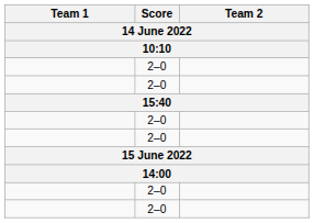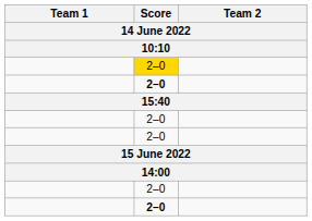 <table class="wikitable" style="text-align: center; font-size:90% ">
 <tr>
 <th align="right" width="160">Team 1</th>
 <th width="50">Score</th>
 <th align="left" width="160">Team 2</th>
 </tr>
 <tr>
 <th colspan=3>14 June 2022</th>
 </tr>
 <tr>
 <th colspan=3>10:10</th>
 </tr>
 <tr>
 <td align=right></td>
-<td align=center>2–0</td>
+<td align=center style="background: gold;">2–0</td>
 <td align=left></td>
 </tr>
 <tr>
 <td align=right></td>
-<td align=center>2–0</td>
+<td align=center><strong>2–0</strong></td>
 <td align=left></td>
 </tr>
 <tr>
 <th colspan=3>15:40</th>
 </tr>
 <tr>
 <td align=right></td>
 <td align=center>2–0</td>
 <td align=left></td>
 </tr>
 <tr>
 <td align=right></td>
 <td align=center>2–0</td>
 <td align=left></td>
 </tr>
 <tr>
 <th colspan=3>15 June 2022</th>
 </tr>
 <tr>
 <th colspan=3>14:00</th>
 </tr>
 <tr>
 <td align=right></td>
 <td align=center>2–0</td>
 <td align=left></td>
 </tr>
 <tr>
 <td align=right></td>
-<td align=center>2–0</td>
+<td align=center><strong>2–0</strong></td>
 <td align=left></td>
 </tr>
 </table>
